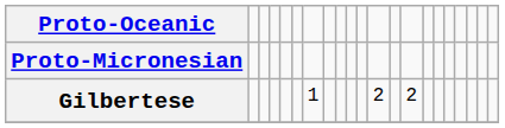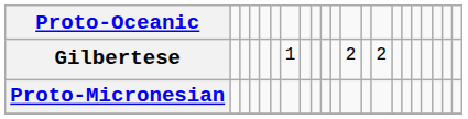 <table class="wikitable" style=text-align:center>
 <tr>
 <th><a href='#'>Proto-Oceanic</a></th>
-<td></td>
-<td></td>
-<td></td>
-<td></td>
-<td></td>
-<td></td>
-<td></td>
-<td></td>
-<td></td>
-<td></td>
-<td></td>
-<td></td>
-<td></td>
-<td></td>
-<td></td>
-<td></td>
-<td></td>
-<td></td>
-<td></td>
-<td></td>
-</tr>
-<tr>
-<th><a href='#'>Proto-Micronesian</a></th>
 <td></td>
 <td></td>
 <td></td>
 <td></td>
 <td></td>
 <td></td>
 <td></td>
 <td></td>
 <td></td>
 <td></td>
 <td></td>
 <td></td>
 <td></td>
 <td></td>
 <td></td>
 <td></td>
 <td></td>
 <td></td>
 <td></td>
 <td></td>
 </tr>
 <tr>
 <th>Gilbertese</th>
 <td></td>
 <td></td>
 <td></td>
 <td></td>
 <td></td>
 <td><sup>1</sup></td>
 <td></td>
 <td></td>
 <td></td>
 <td></td>
 <td><sup>2</sup></td>
 <td></td>
 <td><sup>2</sup></td>
 <td></td>
 <td></td>
 <td></td>
 <td></td>
 <td></td>
 <td></td>
 <td></td>
 </tr>
 <tr>
+<th><a href='#'>Proto-Micronesian</a></th>
+<td></td>
+<td></td>
+<td></td>
+<td></td>
+<td></td>
+<td></td>
+<td></td>
+<td></td>
+<td></td>
+<td></td>
+<td></td>
+<td></td>
+<td></td>
+<td></td>
+<td></td>
+<td></td>
+<td></td>
+<td></td>
+<td></td>
+<td></td>
+</tr>
+<tr>
 </tr>
 </table>
